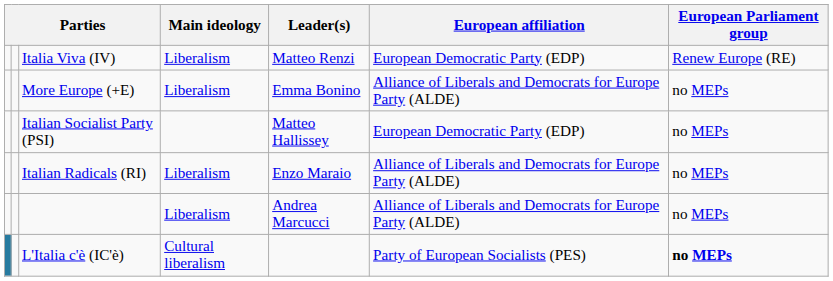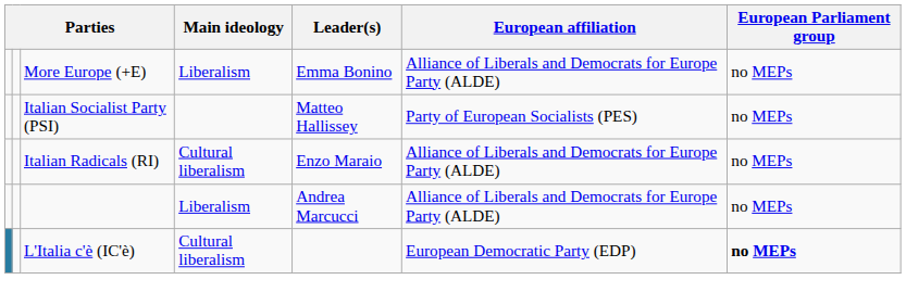 <table class="wikitable sortable" style="font-size:100%">
 <tr>
 <th colspan="3">Parties</th>
 <th>Main ideology</th>
 <th>Leader(s)</th>
 <th><a href='#'>European affiliation</a></th>
 <th><a href='#'>European Parliament group</a></th>
-</tr>
-<tr>
-<td></td>
-<td></td>
-<td><a href='#'>Italia Viva</a> (IV)</td>
-<td><a href='#'>Liberalism</a></td>
-<td><a href='#'>Matteo Renzi</a></td>
-<td><a href='#'>European Democratic Party</a> (EDP)</td>
-<td><a href='#'>Renew Europe</a> (RE)</td>
 </tr>
 <tr>
 <td></td>
 <td></td>
 <td><a href='#'>More Europe</a> (+E)</td>
 <td><a href='#'>Liberalism</a></td>
 <td><a href='#'>Emma Bonino</a></td>
 <td><a href='#'>Alliance of Liberals and Democrats for Europe Party</a> (ALDE)</td>
 <td>no <a href='#'>MEPs</a></td>
 </tr>
 <tr>
 <td></td>
 <td></td>
 <td><a href='#'>Italian Socialist Party</a> (PSI)</td>
 <td></td>
 <td><a href='#'>Matteo Hallissey</a></td>
-<td><a href='#'>European Democratic Party</a> (EDP)</td>
+<td><a href='#'>Party of European Socialists</a> (PES)</td>
 <td>no <a href='#'>MEPs</a></td>
 </tr>
 <tr>
 <td></td>
 <td></td>
 <td><a href='#'>Italian Radicals</a> (RI)</td>
-<td><a href='#'>Liberalism</a></td>
+<td><a href='#'>Cultural liberalism</a></td>
 <td><a href='#'>Enzo Maraio</a></td>
 <td><a href='#'>Alliance of Liberals and Democrats for Europe Party</a> (ALDE)</td>
 <td>no <a href='#'>MEPs</a></td>
 </tr>
 <tr>
 <td></td>
 <td></td>
 <td></td>
 <td><a href='#'>Liberalism</a></td>
 <td><a href='#'>Andrea Marcucci</a></td>
 <td><a href='#'>Alliance of Liberals and Democrats for Europe Party</a> (ALDE)</td>
 <td>no <a href='#'>MEPs</a></td>
 </tr>
 <tr>
 <td bgcolor="#277BA0"></td>
 <td></td>
 <td><a href='#'>L'Italia c'è</a> (IC'è)</td>
 <td><a href='#'>Cultural liberalism</a></td>
 <td></td>
-<td><a href='#'>Party of European Socialists</a> (PES)</td>
+<td><a href='#'>European Democratic Party</a> (EDP)</td>
 <td><strong>no <a href='#'>MEPs</a></strong></td>
 </tr>
 </table>
